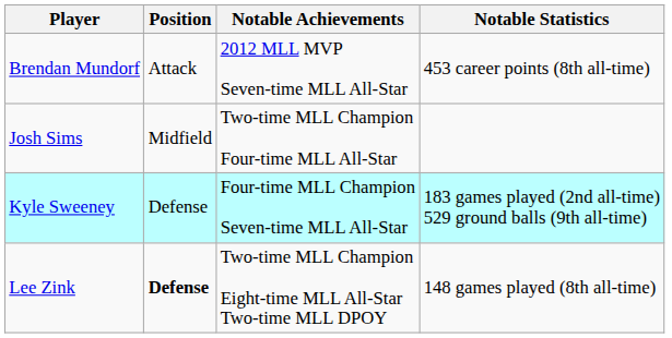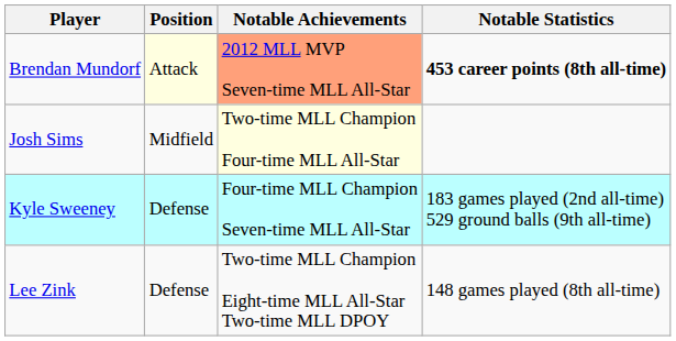 <table class="wikitable mw-collapsible">
 <tr>
 <th>Player</th>
 <th>Position</th>
 <th>Notable Achievements</th>
 <th>Notable Statistics</th>
 </tr>
 <tr>
 <td><a href='#'>Brendan Mundorf</a></td>
-<td>Attack</td>
-<td><a href='#'>2012 MLL</a> MVP <br><br>Seven-time MLL All-Star</td>
-<td>453 career points (8th all-time)</td>
+<td style="background: lightyellow;">Attack</td>
+<td style="background: lightsalmon;"><a href='#'>2012 MLL</a> MVP <br><br>Seven-time MLL All-Star</td>
+<td><strong>453 career points (8th all-time)</strong></td>
 </tr>
 <tr>
 <td><a href='#'>Josh Sims</a></td>
 <td>Midfield</td>
-<td>Two-time MLL Champion<br><br>Four-time MLL All-Star</td>
+<td style="background: lightyellow;">Two-time MLL Champion<br><br>Four-time MLL All-Star</td>
 <td></td>
 </tr>
 <tr style="background:#bff">
 <td><a href='#'>Kyle Sweeney</a></td>
 <td>Defense</td>
 <td>Four-time MLL Champion<br><br>Seven-time MLL All-Star</td>
 <td>183 games played (2nd all-time)<br>529 ground balls (9th all-time)</td>
 </tr>
 <tr>
 <td><a href='#'>Lee Zink</a></td>
-<td><strong>Defense</strong></td>
+<td>Defense</td>
 <td>Two-time MLL Champion <br><br>Eight-time MLL All-Star <br> Two-time MLL DPOY</td>
 <td>148 games played (8th all-time)</td>
 </tr>
 </table>
